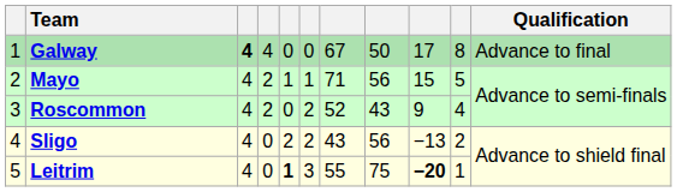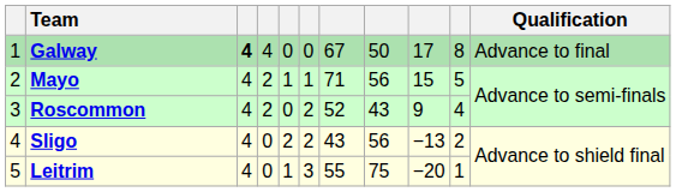 <table class="wikitable">
 <tr>
 <th width=10></th>
 <th width=170 style="text-align:left;">Team</th>
 <th width=10></th>
 <th width=10></th>
 <th width=10></th>
 <th width=10></th>
 <th width=30></th>
 <th width=30></th>
 <th width=10></th>
 <th width=10></th>
 <th>Qualification</th>
 </tr>
 <tr style="background:#ace1af">
 <td>1</td>
 <td align=left><strong> <a href='#'>Galway</a></strong></td>
 <td><strong>4</strong></td>
 <td>4</td>
 <td>0</td>
 <td>0</td>
 <td>67</td>
 <td>50</td>
 <td>17</td>
 <td>8</td>
 <td>Advance to final</td>
 </tr>
 <tr style="background:#ccffcc">
 <td>2</td>
 <td align=left><strong> <a href='#'>Mayo</a></strong></td>
 <td>4</td>
 <td>2</td>
 <td>1</td>
 <td>1</td>
 <td>71</td>
 <td>56</td>
 <td>15</td>
 <td>5</td>
 <td rowspan="2">Advance to semi-finals</td>
 </tr>
 <tr style="background:#ccffcc">
 <td>3</td>
 <td align=left><strong> <a href='#'>Roscommon</a></strong></td>
 <td>4</td>
 <td>2</td>
 <td>0</td>
 <td>2</td>
 <td>52</td>
 <td>43</td>
 <td>9</td>
 <td>4</td>
 </tr>
 <tr style="background:#FFFFE0;">
 <td>4</td>
 <td align=left><strong> <a href='#'>Sligo</a></strong></td>
 <td>4</td>
 <td>0</td>
 <td>2</td>
 <td>2</td>
 <td>43</td>
 <td>56</td>
 <td>−13</td>
 <td>2</td>
 <td rowspan="2">Advance to shield final</td>
 </tr>
 <tr style="background:#FFFFE0;">
 <td>5</td>
 <td align=left><strong> <a href='#'>Leitrim</a></strong></td>
 <td>4</td>
 <td>0</td>
-<td><strong>1</strong></td>
+<td>1</td>
 <td>3</td>
 <td>55</td>
 <td>75</td>
-<td><strong>−20</strong></td>
+<td>−20</td>
 <td>1</td>
 </tr>
 </table>
